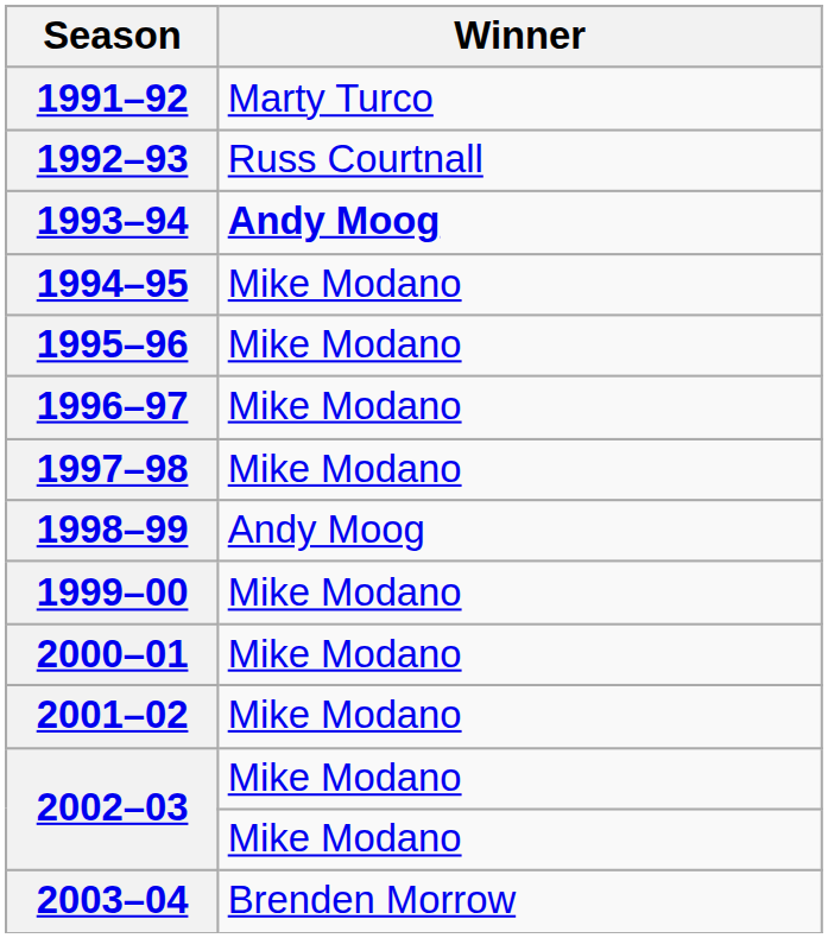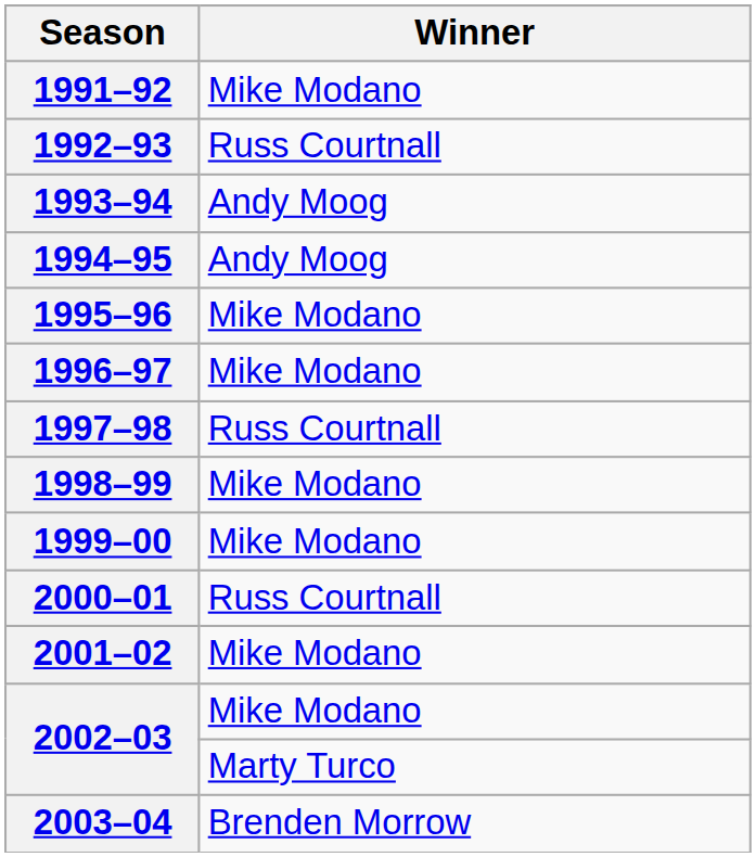 <table class="wikitable">
 <tr>
 <th scope="col" style="width:5em">Season</th>
 <th scope="col" style="width:15em">Winner</th>
 </tr>
 <tr>
 <th scope="row"><a href='#'>1991–92</a></th>
-<td><a href='#'>Marty Turco</a></td>
+<td><a href='#'>Mike Modano</a></td>
 </tr>
 <tr>
 <th scope="row"><a href='#'>1992–93</a></th>
 <td><a href='#'>Russ Courtnall</a></td>
 </tr>
 <tr>
 <th scope="row"><a href='#'>1993–94</a></th>
-<td><strong><a href='#'>Andy Moog</a></strong></td>
+<td><a href='#'>Andy Moog</a></td>
 </tr>
 <tr>
 <th scope="row"><a href='#'>1994–95</a></th>
-<td><a href='#'>Mike Modano</a></td>
+<td><a href='#'>Andy Moog</a></td>
 </tr>
 <tr>
 <th scope="row"><a href='#'>1995–96</a></th>
 <td><a href='#'>Mike Modano</a></td>
 </tr>
 <tr>
 <th scope="row"><a href='#'>1996–97</a></th>
 <td><a href='#'>Mike Modano</a></td>
 </tr>
 <tr>
 <th scope="row"><a href='#'>1997–98</a></th>
-<td><a href='#'>Mike Modano</a></td>
+<td><a href='#'>Russ Courtnall</a></td>
 </tr>
 <tr>
 <th scope="row"><a href='#'>1998–99</a></th>
-<td><a href='#'>Andy Moog</a></td>
+<td><a href='#'>Mike Modano</a></td>
 </tr>
 <tr>
 <th scope="row"><a href='#'>1999–00</a></th>
 <td><a href='#'>Mike Modano</a></td>
 </tr>
 <tr>
 <th scope="row"><a href='#'>2000–01</a></th>
-<td><a href='#'>Mike Modano</a></td>
+<td><a href='#'>Russ Courtnall</a></td>
 </tr>
 <tr>
 <th scope="row"><a href='#'>2001–02</a></th>
 <td><a href='#'>Mike Modano</a></td>
 </tr>
 <tr>
 <th scope="row" rowspan="2"><a href='#'>2002–03</a></th>
 <td><a href='#'>Mike Modano</a></td>
 </tr>
 <tr>
-<td><a href='#'>Mike Modano</a></td>
+<td><a href='#'>Marty Turco</a></td>
 </tr>
 <tr>
 <th scope="row"><a href='#'>2003–04</a></th>
 <td><a href='#'>Brenden Morrow</a></td>
 </tr>
 </table>
